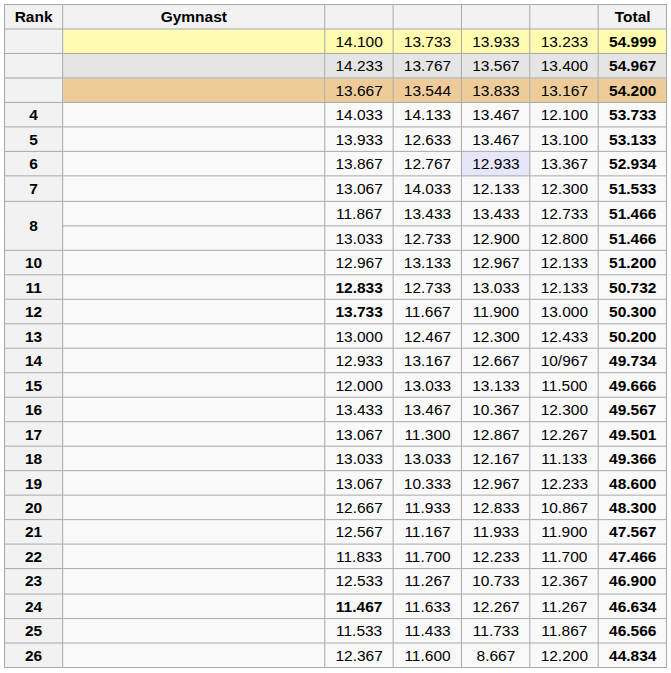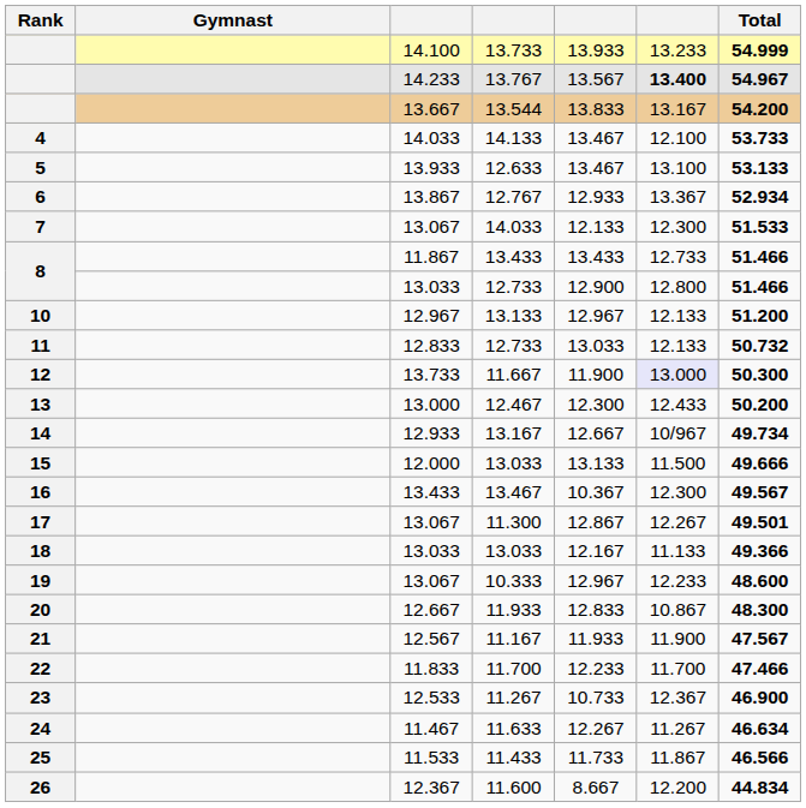 <table class="wikitable sortable" style="text-align:center; font-size:95%">
 <tr>
 <th scope="col" style="width:50px;">Rank</th>
 <th scope="col" style="width:250px;">Gymnast</th>
 <th scope="col" style="width:60px;"></th>
 <th scope="col" style="width:60px;"></th>
 <th scope="col" style="width:60px;"></th>
 <th scope="col" style="width:60px;"></th>
 <th scope="col" style="width:60px;">Total</th>
 </tr>
 <tr style="background:#fffcaf;">
 <th scope=row style="text-align:center"></th>
 <td align=left></td>
 <td>14.100</td>
 <td>13.733</td>
 <td>13.933</td>
 <td>13.233</td>
 <td><strong>54.999</strong></td>
 </tr>
 <tr style="background:#e5e5e5;">
 <th scope=row style="text-align:center"></th>
 <td align=left></td>
 <td>14.233</td>
 <td>13.767</td>
 <td>13.567</td>
-<td>13.400</td>
+<td><strong>13.400</strong></td>
 <td><strong>54.967</strong></td>
 </tr>
 <tr style="background:#ec9;">
 <th scope=row style="text-align:center"></th>
 <td align=left></td>
 <td>13.667</td>
 <td>13.544</td>
 <td>13.833</td>
 <td>13.167</td>
 <td><strong>54.200</strong></td>
 </tr>
 <tr>
 <th scope=row style="text-align:center">4</th>
 <td align=left></td>
 <td>14.033</td>
 <td>14.133</td>
 <td>13.467</td>
 <td>12.100</td>
 <td><strong>53.733</strong></td>
 </tr>
 <tr>
 <th scope=row style="text-align:center">5</th>
 <td align=left></td>
 <td>13.933</td>
 <td>12.633</td>
 <td>13.467</td>
 <td>13.100</td>
 <td><strong>53.133</strong></td>
 </tr>
 <tr>
 <th scope=row style="text-align:center">6</th>
 <td align=left></td>
 <td>13.867</td>
 <td>12.767</td>
-<td style="background: lavender;">12.933</td>
+<td>12.933</td>
 <td>13.367</td>
 <td><strong>52.934</strong></td>
 </tr>
 <tr>
 <th scope=row style="text-align:center">7</th>
 <td align=left></td>
 <td>13.067</td>
 <td>14.033</td>
 <td>12.133</td>
 <td>12.300</td>
 <td><strong>51.533</strong></td>
 </tr>
 <tr>
 <th rowspan="2" scope=row style="text-align:center">8</th>
 <td align=left></td>
 <td>11.867</td>
 <td>13.433</td>
 <td>13.433</td>
 <td>12.733</td>
 <td><strong>51.466</strong></td>
 </tr>
 <tr>
 <td align=left></td>
 <td>13.033</td>
 <td>12.733</td>
 <td>12.900</td>
 <td>12.800</td>
 <td><strong>51.466</strong></td>
 </tr>
 <tr>
 <th scope=row style="text-align:center">10</th>
 <td align=left></td>
 <td>12.967</td>
 <td>13.133</td>
 <td>12.967</td>
 <td>12.133</td>
 <td><strong>51.200</strong></td>
 </tr>
 <tr>
 <th scope=row style="text-align:center">11</th>
 <td align=left></td>
-<td><strong>12.833</strong></td>
+<td>12.833</td>
 <td>12.733</td>
 <td>13.033</td>
 <td>12.133</td>
 <td><strong>50.732</strong></td>
 </tr>
 <tr>
 <th scope=row style="text-align:center">12</th>
 <td align=left></td>
-<td><strong>13.733</strong></td>
+<td>13.733</td>
 <td>11.667</td>
 <td>11.900</td>
-<td>13.000</td>
+<td style="background: lavender;">13.000</td>
 <td><strong>50.300</strong></td>
 </tr>
 <tr>
 <th scope=row style="text-align:center">13</th>
 <td align=left></td>
 <td>13.000</td>
 <td>12.467</td>
 <td>12.300</td>
 <td>12.433</td>
 <td><strong>50.200</strong></td>
 </tr>
 <tr>
 <th scope=row style="text-align:center">14</th>
 <td align=left></td>
 <td>12.933</td>
 <td>13.167</td>
 <td>12.667</td>
 <td>10/967</td>
 <td><strong>49.734</strong></td>
 </tr>
 <tr>
 <th scope=row style="text-align:center">15</th>
 <td align=left></td>
 <td>12.000</td>
 <td>13.033</td>
 <td>13.133</td>
 <td>11.500</td>
 <td><strong>49.666</strong></td>
 </tr>
 <tr>
 <th scope=row style="text-align:center">16</th>
 <td align=left></td>
 <td>13.433</td>
 <td>13.467</td>
 <td>10.367</td>
 <td>12.300</td>
 <td><strong>49.567</strong></td>
 </tr>
 <tr>
 <th scope=row style="text-align:center">17</th>
 <td align=left></td>
 <td>13.067</td>
 <td>11.300</td>
 <td>12.867</td>
 <td>12.267</td>
 <td><strong>49.501</strong></td>
 </tr>
 <tr>
 <th scope=row style="text-align:center">18</th>
 <td align=left></td>
 <td>13.033</td>
 <td>13.033</td>
 <td>12.167</td>
 <td>11.133</td>
 <td><strong>49.366</strong></td>
 </tr>
 <tr>
 <th scope=row style="text-align:center">19</th>
 <td align=left></td>
 <td>13.067</td>
 <td>10.333</td>
 <td>12.967</td>
 <td>12.233</td>
 <td><strong>48.600</strong></td>
 </tr>
 <tr>
 <th scope=row style="text-align:center">20</th>
 <td align=left></td>
 <td>12.667</td>
 <td>11.933</td>
 <td>12.833</td>
 <td>10.867</td>
 <td><strong>48.300</strong></td>
 </tr>
 <tr>
 <th scope=row style="text-align:center">21</th>
 <td align=left></td>
 <td>12.567</td>
 <td>11.167</td>
 <td>11.933</td>
 <td>11.900</td>
 <td><strong>47.567</strong></td>
 </tr>
 <tr>
 <th scope=row style="text-align:center">22</th>
 <td align=left></td>
 <td>11.833</td>
 <td>11.700</td>
 <td>12.233</td>
 <td>11.700</td>
 <td><strong>47.466</strong></td>
 </tr>
 <tr>
 <th scope=row style="text-align:center">23</th>
 <td align=left></td>
 <td>12.533</td>
 <td>11.267</td>
 <td>10.733</td>
 <td>12.367</td>
 <td><strong>46.900</strong></td>
 </tr>
 <tr>
 <th scope=row style="text-align:center">24</th>
 <td align=left></td>
-<td><strong>11.467</strong></td>
+<td>11.467</td>
 <td>11.633</td>
 <td>12.267</td>
 <td>11.267</td>
 <td><strong>46.634</strong></td>
 </tr>
 <tr>
 <th scope=row style="text-align:center">25</th>
 <td align=left></td>
 <td>11.533</td>
 <td>11.433</td>
 <td>11.733</td>
 <td>11.867</td>
 <td><strong>46.566</strong></td>
 </tr>
 <tr>
 <th scope=row style="text-align:center">26</th>
 <td align=left></td>
 <td>12.367</td>
 <td>11.600</td>
 <td>8.667</td>
 <td>12.200</td>
 <td><strong>44.834</strong></td>
 </tr>
 </table>
